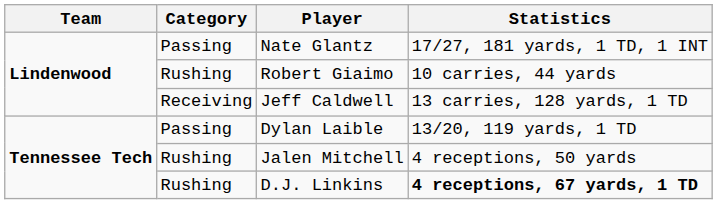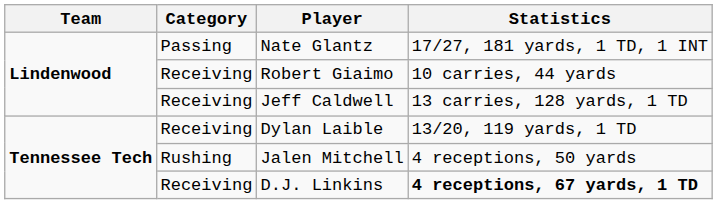 <table class="wikitable" style="float: right;">
 <tr>
 <th>Team</th>
 <th>Category</th>
 <th>Player</th>
 <th>Statistics</th>
 </tr>
 <tr>
 <td rowspan=3><strong>Lindenwood</strong></td>
 <td>Passing</td>
 <td>Nate Glantz</td>
 <td>17/27, 181 yards, 1 TD, 1 INT</td>
 </tr>
 <tr>
-<td>Rushing</td>
+<td>Receiving</td>
 <td>Robert Giaimo</td>
 <td>10 carries, 44 yards</td>
 </tr>
 <tr>
 <td>Receiving</td>
 <td>Jeff Caldwell</td>
 <td>13 carries, 128 yards, 1 TD</td>
 </tr>
 <tr>
 <td rowspan=3><strong>Tennessee Tech</strong></td>
-<td>Passing</td>
+<td>Receiving</td>
 <td>Dylan Laible</td>
 <td>13/20, 119 yards, 1 TD</td>
 </tr>
 <tr>
 <td>Rushing</td>
 <td>Jalen Mitchell</td>
 <td>4 receptions, 50 yards</td>
 </tr>
 <tr>
-<td>Rushing</td>
+<td>Receiving</td>
 <td>D.J. Linkins</td>
 <td><strong>4 receptions, 67 yards, 1 TD</strong></td>
 </tr>
 </table>
